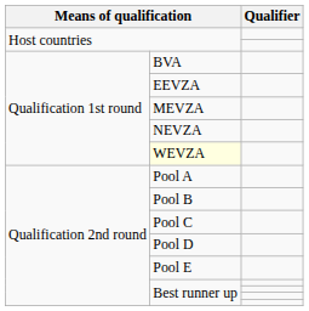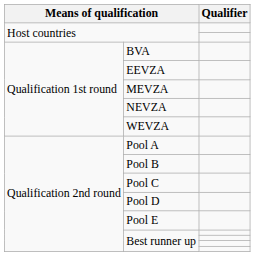 <table class="wikitable">
 <tr>
 <th colspan=2>Means of qualification</th>
 <th>Qualifier</th>
 </tr>
 <tr>
 <td colspan=2 rowspan=2>Host countries</td>
 <td></td>
 </tr>
 <tr>
 <td></td>
 </tr>
 <tr>
 <td rowspan=5>Qualification 1st round</td>
 <td>BVA</td>
 <td></td>
 </tr>
 <tr>
 <td>EEVZA</td>
 <td></td>
 </tr>
 <tr>
 <td>MEVZA</td>
 <td></td>
 </tr>
 <tr>
 <td>NEVZA</td>
 <td></td>
 </tr>
 <tr>
-<td style="background: lightyellow;">WEVZA</td>
+<td>WEVZA</td>
 <td></td>
 </tr>
 <tr>
 <td rowspan=9>Qualification 2nd round</td>
 <td>Pool A</td>
 <td></td>
 </tr>
 <tr>
 <td>Pool B</td>
 <td></td>
 </tr>
 <tr>
 <td>Pool C</td>
 <td></td>
 </tr>
 <tr>
 <td>Pool D</td>
 <td></td>
 </tr>
 <tr>
 <td>Pool E</td>
 <td></td>
 </tr>
 <tr>
 <td rowspan=4>Best runner up</td>
 <td></td>
 </tr>
 <tr>
 <td></td>
 </tr>
 <tr>
 <td></td>
 </tr>
 <tr>
 <td></td>
 </tr>
 </table>
